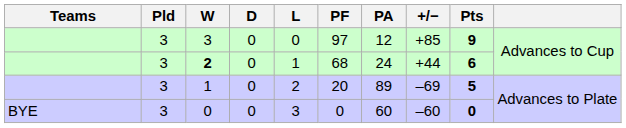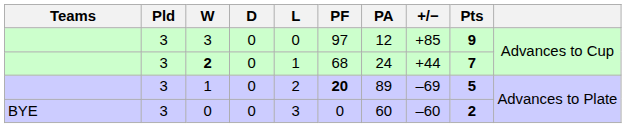 <table class="wikitable" style="text-align: center;">
 <tr>
 <th width="140">Teams</th>
 <th width="40">Pld</th>
 <th width="40">W</th>
 <th width="40">D</th>
 <th width="40">L</th>
 <th width="40">PF</th>
 <th width="40">PA</th>
 <th width="40">+/−</th>
 <th width="40">Pts</th>
 <th></th>
 </tr>
 <tr bgcolor="ccffcc">
 <td align="left"></td>
 <td>3</td>
 <td>3</td>
 <td>0</td>
 <td>0</td>
 <td>97</td>
 <td>12</td>
 <td>+85</td>
 <td><strong>9</strong></td>
 <td rowspan="2">Advances to Cup</td>
 </tr>
 <tr bgcolor="ccffcc">
 <td align="left"></td>
 <td>3</td>
 <td><strong>2</strong></td>
 <td>0</td>
 <td>1</td>
 <td>68</td>
 <td>24</td>
 <td>+44</td>
-<td><strong>6</strong></td>
+<td><strong>7</strong></td>
 </tr>
 <tr bgcolor="ccccff">
 <td align="left"></td>
 <td>3</td>
 <td>1</td>
 <td>0</td>
 <td>2</td>
-<td>20</td>
+<td><strong>20</strong></td>
 <td>89</td>
 <td>–69</td>
 <td><strong>5</strong></td>
 <td rowspan="2">Advances to Plate</td>
 </tr>
 <tr bgcolor="ccccff">
 <td align="left">BYE </td>
 <td>3</td>
 <td>0</td>
 <td>0</td>
 <td>3</td>
 <td>0</td>
 <td>60</td>
 <td>–60</td>
-<td><strong>0</strong></td>
+<td><strong>2</strong></td>
 </tr>
 </table>
